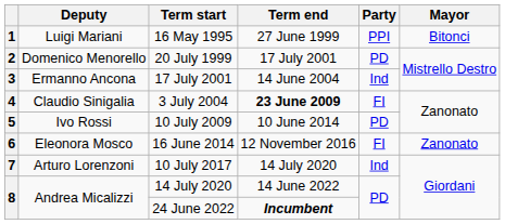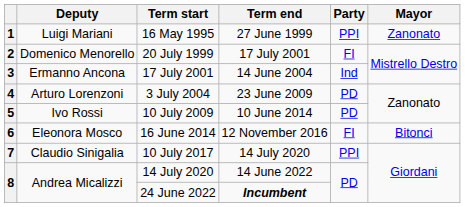 <table class="wikitable" style="text-align: center;">
 <tr>
 <th class=unsortable> </th>
 <th>Deputy</th>
 <th>Term start</th>
 <th>Term end</th>
 <th>Party</th>
 <th>Mayor</th>
 </tr>
 <tr>
 <th style="background:">1</th>
 <td>Luigi Mariani</td>
 <td>16 May 1995</td>
 <td>27 June 1999</td>
 <td><a href='#'>PPI</a></td>
-<td><a href='#'>Bitonci</a></td>
+<td><a href='#'>Zanonato</a></td>
 </tr>
 <tr>
 <th style="background:">2</th>
 <td>Domenico Menorello</td>
 <td>20 July 1999</td>
 <td>17 July 2001</td>
-<td><a href='#'>PD</a></td>
+<td><a href='#'>FI</a></td>
 <td rowspan=2><a href='#'>Mistrello Destro</a></td>
 </tr>
 <tr>
 <th style="background:">3</th>
 <td>Ermanno Ancona</td>
 <td>17 July 2001</td>
 <td>14 June 2004</td>
 <td><a href='#'>Ind</a></td>
 </tr>
 <tr>
 <th style="background:">4</th>
-<td>Claudio Sinigalia</td>
+<td>Arturo Lorenzoni</td>
 <td>3 July 2004</td>
-<td><strong>23 June 2009</strong></td>
-<td><a href='#'>FI</a></td>
+<td>23 June 2009</td>
+<td><a href='#'>PD</a></td>
 <td rowspan=2>Zanonato</td>
 </tr>
 <tr>
 <th style="background:">5</th>
 <td>Ivo Rossi</td>
 <td>10 July 2009</td>
 <td>10 June 2014</td>
 <td><a href='#'>PD</a></td>
 </tr>
 <tr>
 <th style="background:">6</th>
 <td>Eleonora Mosco</td>
 <td>16 June 2014</td>
 <td>12 November 2016</td>
 <td><a href='#'>FI</a></td>
-<td><a href='#'>Zanonato</a></td>
+<td><a href='#'>Bitonci</a></td>
 </tr>
 <tr>
 <th style="background:">7</th>
-<td>Arturo Lorenzoni</td>
+<td>Claudio Sinigalia</td>
 <td>10 July 2017</td>
 <td>14 July 2020</td>
-<td><a href='#'>Ind</a></td>
+<td><a href='#'>PPI</a></td>
 <td rowspan=3><a href='#'>Giordani</a></td>
 </tr>
 <tr>
 <th rowspan=2 style="background:">8</th>
 <td rowspan=2>Andrea Micalizzi</td>
 <td>14 July 2020</td>
 <td>14 June 2022</td>
 <td rowspan=2><a href='#'>PD</a></td>
 </tr>
 <tr>
 <td>24 June 2022</td>
 <td><strong><em>Incumbent</em></strong></td>
 </tr>
 </table>
